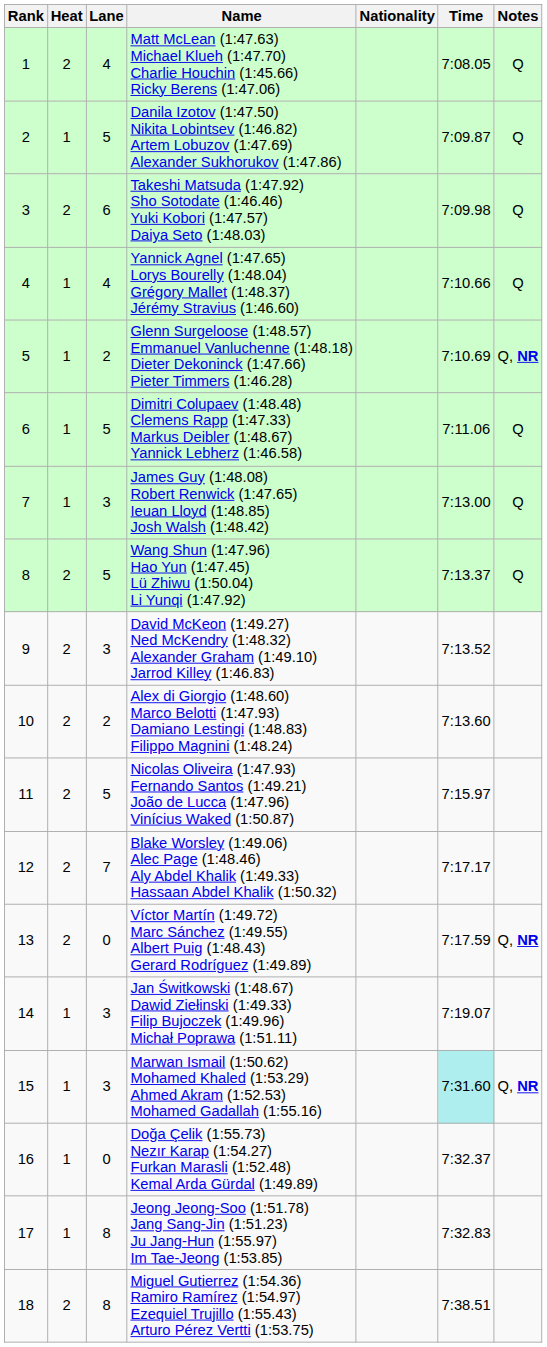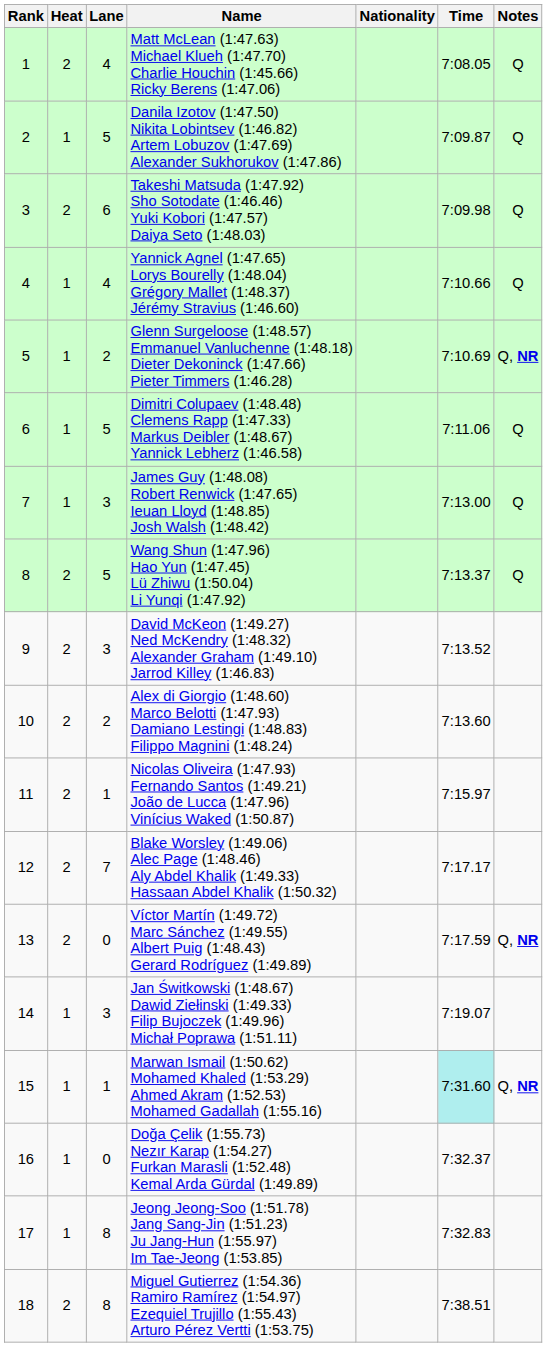 <table class="wikitable sortable" style="text-align:center">
 <tr>
 <th>Rank</th>
 <th>Heat</th>
 <th>Lane</th>
 <th>Name</th>
 <th>Nationality</th>
 <th>Time</th>
 <th>Notes</th>
 </tr>
 <tr bgcolor=ccffcc>
 <td>1</td>
 <td>2</td>
 <td>4</td>
 <td align=left><a href='#'>Matt McLean</a> (1:47.63)<br><a href='#'>Michael Klueh</a> (1:47.70)<br><a href='#'>Charlie Houchin</a> (1:45.66)<br><a href='#'>Ricky Berens</a> (1:47.06)</td>
 <td align=left></td>
 <td>7:08.05</td>
 <td>Q</td>
 </tr>
 <tr bgcolor=ccffcc>
 <td>2</td>
 <td>1</td>
 <td>5</td>
 <td align=left><a href='#'>Danila Izotov</a> (1:47.50)<br><a href='#'>Nikita Lobintsev</a> (1:46.82)<br><a href='#'>Artem Lobuzov</a> (1:47.69)<br><a href='#'>Alexander Sukhorukov</a> (1:47.86)</td>
 <td align=left></td>
 <td>7:09.87</td>
 <td>Q</td>
 </tr>
 <tr bgcolor=ccffcc>
 <td>3</td>
 <td>2</td>
 <td>6</td>
 <td align=left><a href='#'>Takeshi Matsuda</a> (1:47.92)<br><a href='#'>Sho Sotodate</a> (1:46.46)<br><a href='#'>Yuki Kobori</a> (1:47.57)<br><a href='#'>Daiya Seto</a> (1:48.03)</td>
 <td align=left></td>
 <td>7:09.98</td>
 <td>Q</td>
 </tr>
 <tr bgcolor=ccffcc>
 <td>4</td>
 <td>1</td>
 <td>4</td>
 <td align=left><a href='#'>Yannick Agnel</a> (1:47.65)<br><a href='#'>Lorys Bourelly</a> (1:48.04)<br><a href='#'>Grégory Mallet</a> (1:48.37)<br><a href='#'>Jérémy Stravius</a> (1:46.60)</td>
 <td align=left></td>
 <td>7:10.66</td>
 <td>Q</td>
 </tr>
 <tr bgcolor=ccffcc>
 <td>5</td>
 <td>1</td>
 <td>2</td>
 <td align=left><a href='#'>Glenn Surgeloose</a> (1:48.57)<br><a href='#'>Emmanuel Vanluchenne</a> (1:48.18)<br><a href='#'>Dieter Dekoninck</a> (1:47.66)<br><a href='#'>Pieter Timmers</a> (1:46.28)</td>
 <td align=left></td>
 <td>7:10.69</td>
 <td>Q, <strong><a href='#'>NR</a></strong></td>
 </tr>
 <tr bgcolor=ccffcc>
 <td>6</td>
 <td>1</td>
 <td>5</td>
 <td align=left><a href='#'>Dimitri Colupaev</a> (1:48.48)<br><a href='#'>Clemens Rapp</a> (1:47.33)<br><a href='#'>Markus Deibler</a> (1:48.67)<br><a href='#'>Yannick Lebherz</a> (1:46.58)</td>
 <td align=left></td>
 <td>7:11.06</td>
 <td>Q</td>
 </tr>
 <tr bgcolor=ccffcc>
 <td>7</td>
 <td>1</td>
 <td>3</td>
 <td align=left><a href='#'>James Guy</a> (1:48.08)<br><a href='#'>Robert Renwick</a> (1:47.65)<br><a href='#'>Ieuan Lloyd</a> (1:48.85)<br><a href='#'>Josh Walsh</a> (1:48.42)</td>
 <td align=left></td>
 <td>7:13.00</td>
 <td>Q</td>
 </tr>
 <tr bgcolor=ccffcc>
 <td>8</td>
 <td>2</td>
 <td>5</td>
 <td align=left><a href='#'>Wang Shun</a> (1:47.96)<br><a href='#'>Hao Yun</a> (1:47.45)<br><a href='#'>Lü Zhiwu</a> (1:50.04)<br><a href='#'>Li Yunqi</a> (1:47.92)</td>
 <td align=left></td>
 <td>7:13.37</td>
 <td>Q</td>
 </tr>
 <tr>
 <td>9</td>
 <td>2</td>
 <td>3</td>
 <td align=left><a href='#'>David McKeon</a> (1:49.27)<br><a href='#'>Ned McKendry</a> (1:48.32)<br><a href='#'>Alexander Graham</a> (1:49.10)<br><a href='#'>Jarrod Killey</a> (1:46.83)</td>
 <td align=left></td>
 <td>7:13.52</td>
 <td></td>
 </tr>
 <tr>
 <td>10</td>
 <td>2</td>
 <td>2</td>
 <td align=left><a href='#'>Alex di Giorgio</a> (1:48.60)<br><a href='#'>Marco Belotti</a> (1:47.93)<br><a href='#'>Damiano Lestingi</a> (1:48.83)<br><a href='#'>Filippo Magnini</a> (1:48.24)</td>
 <td align=left></td>
 <td>7:13.60</td>
 <td></td>
 </tr>
 <tr>
 <td>11</td>
 <td>2</td>
-<td>5</td>
+<td>1</td>
 <td align=left><a href='#'>Nicolas Oliveira</a> (1:47.93)<br><a href='#'>Fernando Santos</a> (1:49.21)<br><a href='#'>João de Lucca</a> (1:47.96)<br><a href='#'>Vinícius Waked</a> (1:50.87)</td>
 <td align=left></td>
 <td>7:15.97</td>
 <td></td>
 </tr>
 <tr>
 <td>12</td>
 <td>2</td>
 <td>7</td>
 <td align=left><a href='#'>Blake Worsley</a> (1:49.06)<br><a href='#'>Alec Page</a> (1:48.46)<br><a href='#'>Aly Abdel Khalik</a> (1:49.33)<br><a href='#'>Hassaan Abdel Khalik</a> (1:50.32)</td>
 <td align=left></td>
 <td>7:17.17</td>
 <td></td>
 </tr>
 <tr>
 <td>13</td>
 <td>2</td>
 <td>0</td>
 <td align=left><a href='#'>Víctor Martín</a> (1:49.72)<br><a href='#'>Marc Sánchez</a> (1:49.55)<br><a href='#'>Albert Puig</a> (1:48.43)<br><a href='#'>Gerard Rodríguez</a> (1:49.89)</td>
 <td align=left></td>
 <td>7:17.59</td>
 <td>Q, <strong><a href='#'>NR</a></strong></td>
 </tr>
 <tr>
 <td>14</td>
 <td>1</td>
 <td>3</td>
 <td align=left><a href='#'>Jan Świtkowski</a> (1:48.67)<br><a href='#'>Dawid Ziełinski</a> (1:49.33)<br><a href='#'>Filip Bujoczek</a> (1:49.96)<br><a href='#'>Michał Poprawa</a> (1:51.11)</td>
 <td align=left></td>
 <td>7:19.07</td>
 <td></td>
 </tr>
 <tr>
 <td>15</td>
 <td>1</td>
-<td>3</td>
+<td>1</td>
 <td align=left><a href='#'>Marwan Ismail</a> (1:50.62)<br><a href='#'>Mohamed Khaled</a> (1:53.29)<br><a href='#'>Ahmed Akram</a> (1:52.53)<br><a href='#'>Mohamed Gadallah</a> (1:55.16)</td>
 <td align=left></td>
 <td style="background: paleturquoise;">7:31.60</td>
 <td>Q, <strong><a href='#'>NR</a></strong></td>
 </tr>
 <tr>
 <td>16</td>
 <td>1</td>
 <td>0</td>
 <td align=left><a href='#'>Doğa Çelik</a> (1:55.73)<br><a href='#'>Nezır Karap</a> (1:54.27)<br><a href='#'>Furkan Marasli</a> (1:52.48)<br><a href='#'>Kemal Arda Gürdal</a> (1:49.89)</td>
 <td align=left></td>
 <td>7:32.37</td>
 <td></td>
 </tr>
 <tr>
 <td>17</td>
 <td>1</td>
 <td>8</td>
 <td align=left><a href='#'>Jeong Jeong-Soo</a> (1:51.78)<br><a href='#'>Jang Sang-Jin</a> (1:51.23)<br><a href='#'>Ju Jang-Hun</a> (1:55.97)<br><a href='#'>Im Tae-Jeong</a> (1:53.85)</td>
 <td align=left></td>
 <td>7:32.83</td>
 <td></td>
 </tr>
 <tr>
 <td>18</td>
 <td>2</td>
 <td>8</td>
 <td align=left><a href='#'>Miguel Gutierrez</a> (1:54.36)<br><a href='#'>Ramiro Ramírez</a> (1:54.97)<br><a href='#'>Ezequiel Trujillo</a> (1:55.43)<br><a href='#'>Arturo Pérez Vertti</a> (1:53.75)</td>
 <td align=left></td>
 <td>7:38.51</td>
 <td></td>
 </tr>
 </table>
